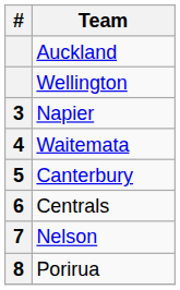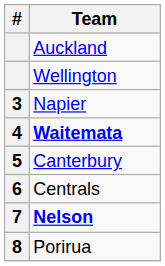 <table class="wikitable" width="15%" style="font-size:95%; text-align:center">
 <tr>
 <th>#</th>
 <th>Team</th>
 </tr>
 <tr>
 <th></th>
 <td align=left><a href='#'>Auckland</a></td>
 </tr>
 <tr>
 <th></th>
 <td align=left><a href='#'>Wellington</a></td>
 </tr>
 <tr>
 <th>3</th>
 <td align=left><a href='#'>Napier</a></td>
 </tr>
 <tr>
 <th>4</th>
-<td align=left><a href='#'>Waitemata</a></td>
+<td align=left><strong><a href='#'>Waitemata</a></strong></td>
 </tr>
 <tr>
 <th>5</th>
 <td align=left><a href='#'>Canterbury</a></td>
 </tr>
 <tr>
 <th>6</th>
 <td align=left>Centrals</td>
 </tr>
 <tr>
 <th>7</th>
-<td align=left><a href='#'>Nelson</a></td>
+<td align=left><strong><a href='#'>Nelson</a></strong></td>
 </tr>
 <tr>
 <th>8</th>
 <td align=left>Porirua</td>
 </tr>
 <tr>
 </tr>
 </table>
